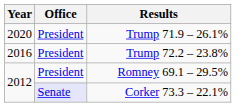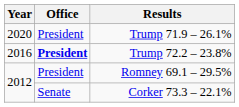 <table class=wikitable>
 <tr>
 <th width="30">Year</th>
 <th width="60">Office</th>
 <th width="180">Results</th>
 </tr>
 <tr>
 <td>2020</td>
 <td><a href='#'>President</a></td>
 <td align="right" ><a href='#'>Trump</a> 71.9 – 26.1%</td>
 </tr>
 <tr>
 <td>2016</td>
-<td><a href='#'>President</a></td>
+<td><strong><a href='#'>President</a></strong></td>
 <td align="right" ><a href='#'>Trump</a> 72.2 – 23.8%</td>
 </tr>
 <tr>
 <td rowspan="2">2012</td>
 <td><a href='#'>President</a></td>
 <td align="right" ><a href='#'>Romney</a> 69.1 – 29.5%</td>
 </tr>
 <tr>
-<td style="background: lavender;"><a href='#'>Senate</a></td>
+<td><a href='#'>Senate</a></td>
 <td align="right" ><a href='#'>Corker</a> 73.3 – 22.1%</td>
 </tr>
 </table>
